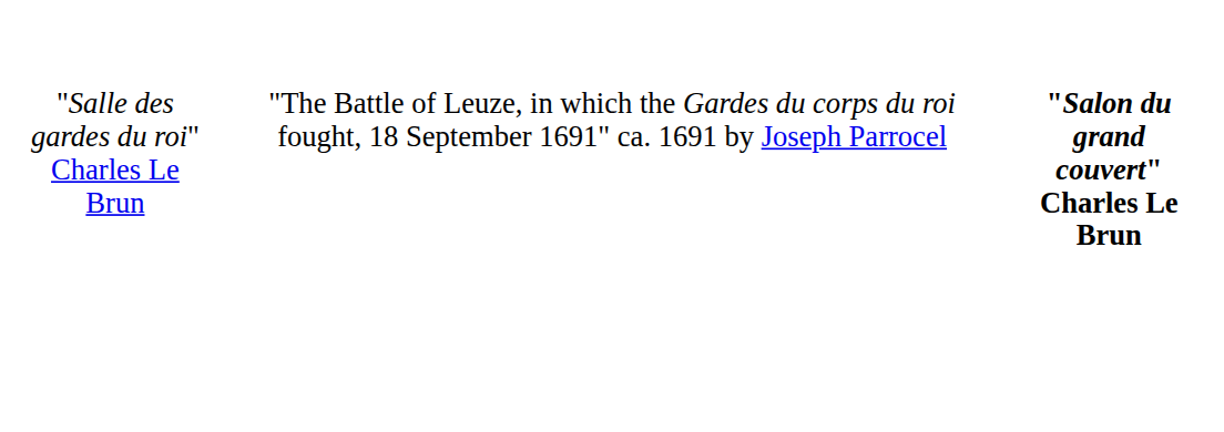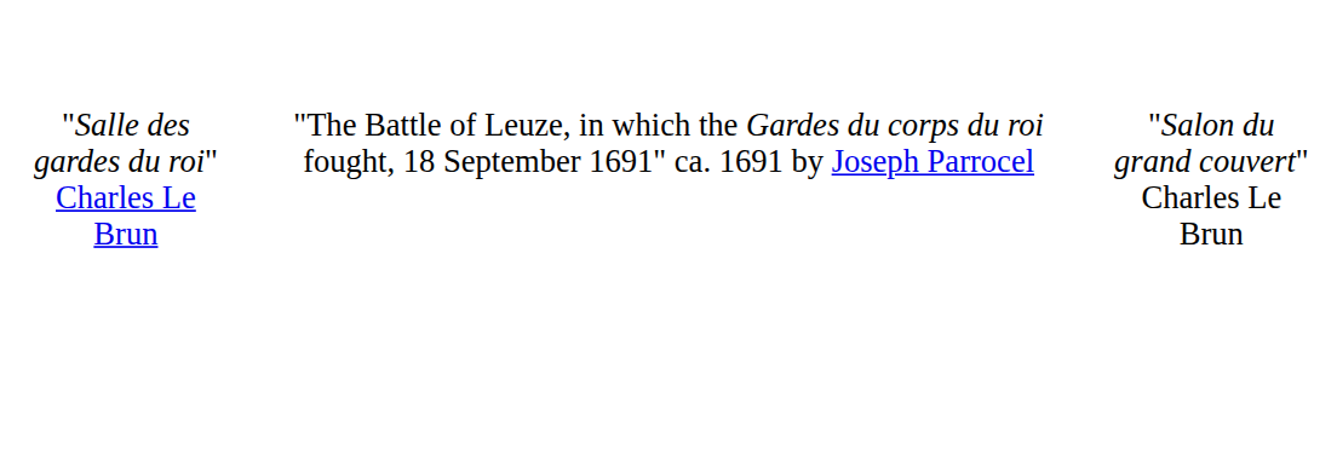 <table border="0"  style="background:white; color:black; height:230px; margin:auto; vertical-align:bottom;" cellpadding="10px" cellspacing="0px">
 <tr style="text-align:center;">
 <td></td>
 <td></td>
 <td></td>
 </tr>
 <tr style="text-align:center; vertical-align:top;">
 <td style="width:100px;">"<em>Salle des gardes du roi</em>" <a href='#'>Charles Le Brun</a></td>
 <td style="width:400px;">"The Battle of Leuze, in which the <em>Gardes du corps du roi</em> fought, 18 September 1691" ca. 1691 by <a href='#'>Joseph Parrocel</a></td>
-<td style="width:100px;"><strong>"<em>Salon du grand couvert</em>" Charles Le Brun</strong></td>
+<td style="width:100px;">"<em>Salon du grand couvert</em>" Charles Le Brun</td>
 </tr>
 </table>
